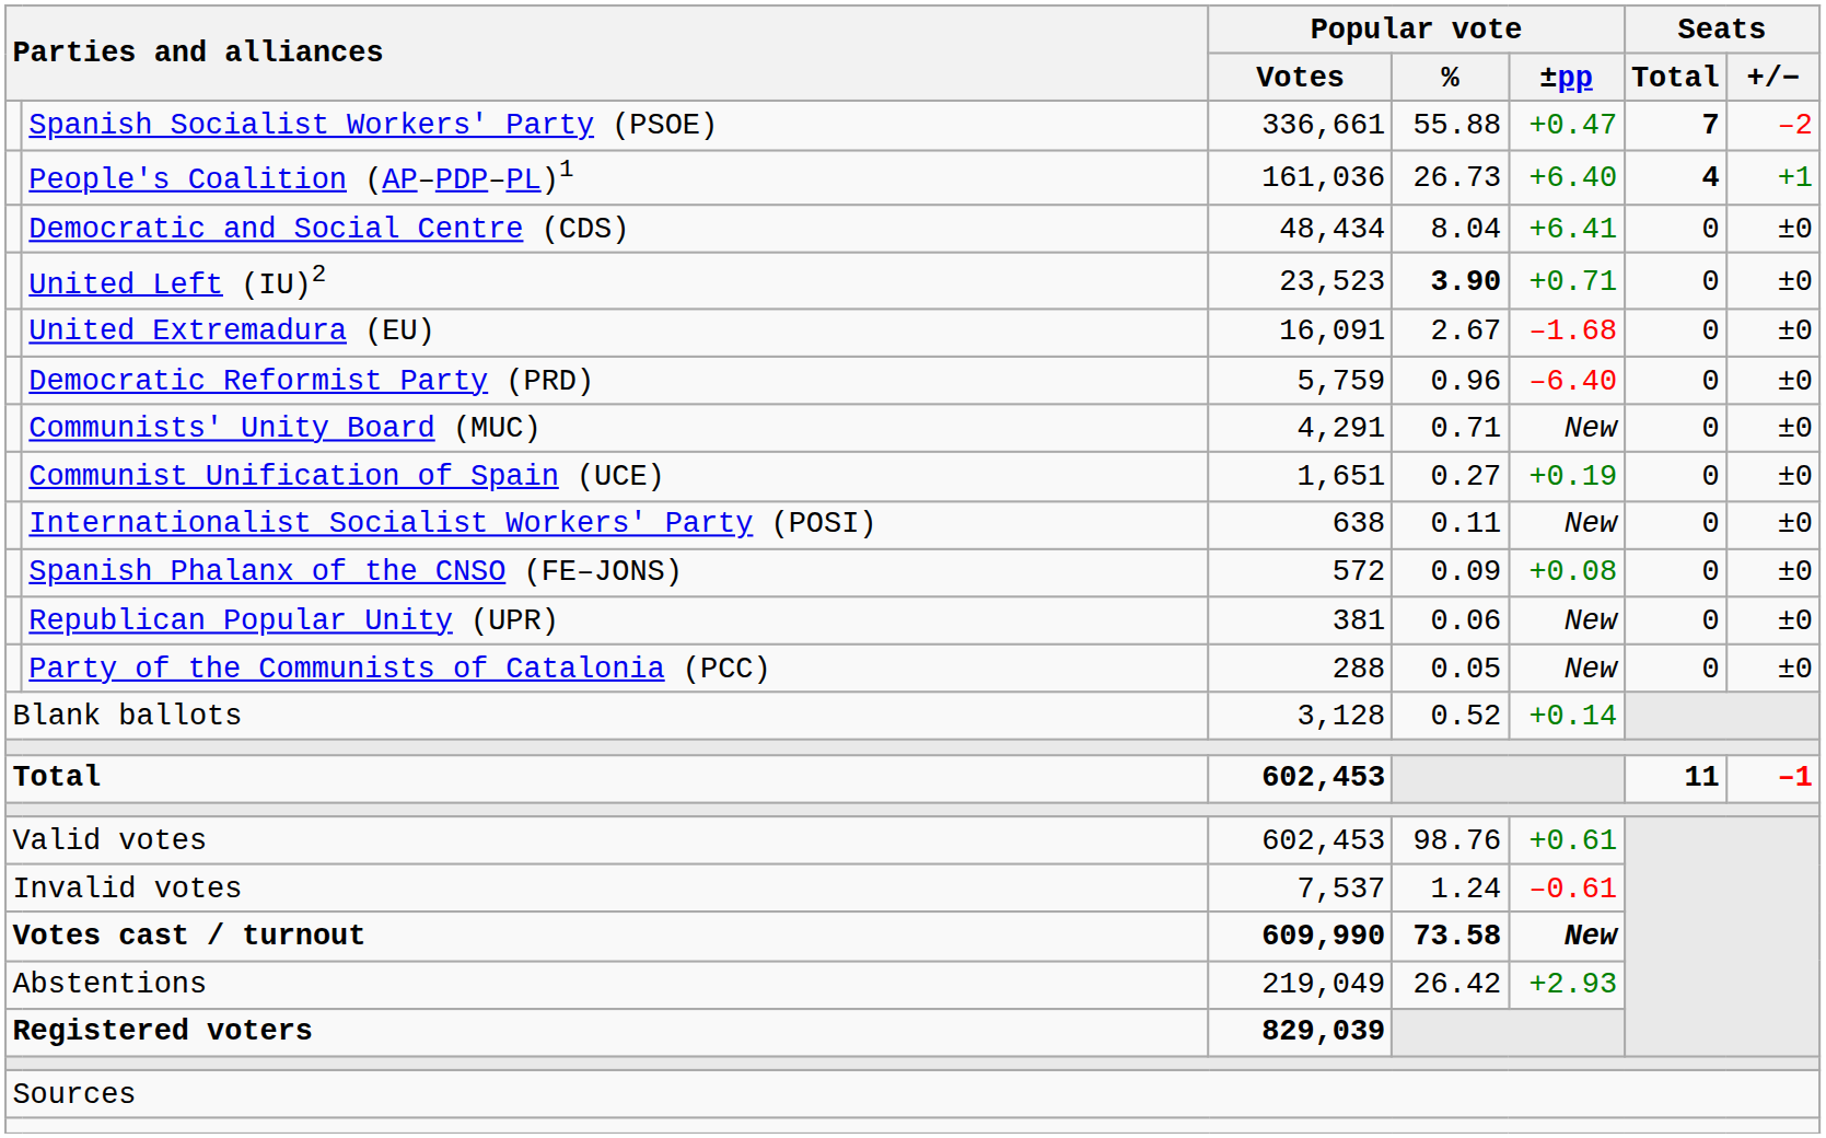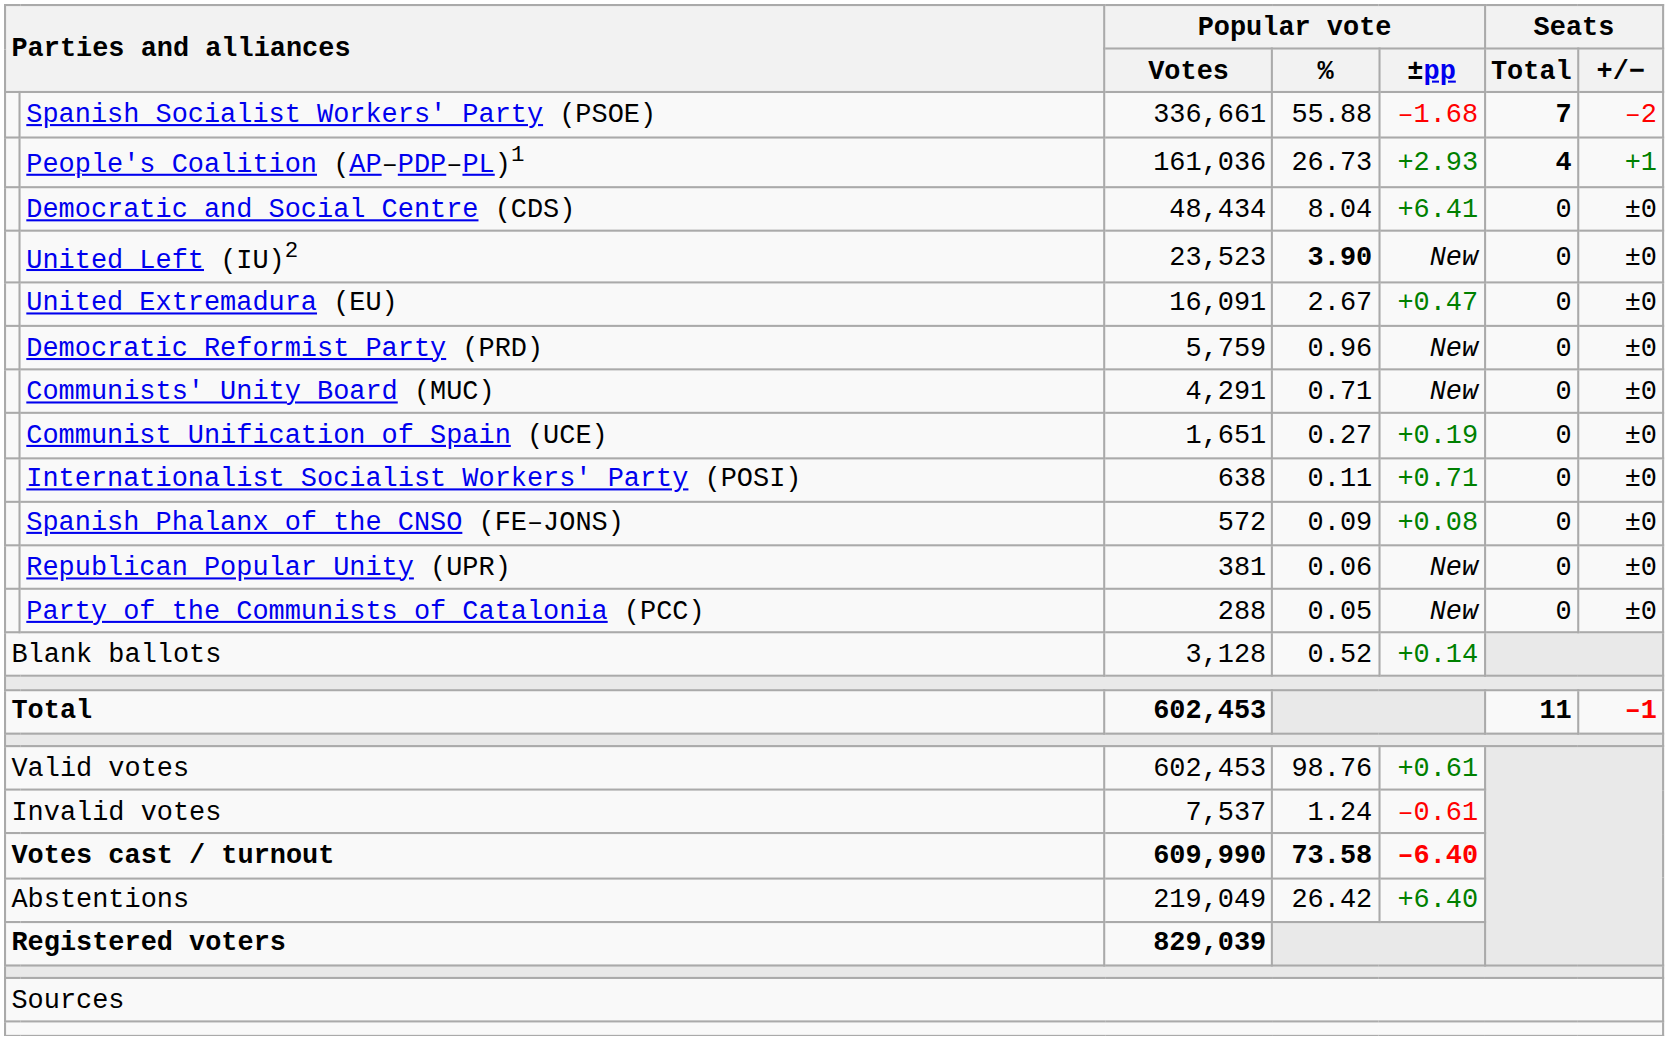 <table class="wikitable" style="text-align:right;">
 <tr>
 <th style="text-align:left;" rowspan="2" colspan="2" width="525">Parties and alliances</th>
 <th colspan="3">Popular vote</th>
 <th colspan="2">Seats</th>
 </tr>
 <tr>
 <th width="75">Votes</th>
 <th width="45">%</th>
 <th width="45">±<a href='#'>pp</a></th>
 <th width="35">Total</th>
 <th width="35">+/−</th>
 </tr>
 <tr>
 <td width="1" style="color:inherit;background:"></td>
 <td align="left"><a href='#'>Spanish Socialist Workers' Party</a> (PSOE)</td>
 <td>336,661</td>
 <td>55.88</td>
-<td style="color:green;">+0.47</td>
+<td style="color:red;">–1.68</td>
 <td><strong>7</strong></td>
 <td style="color:red;">–2</td>
 </tr>
 <tr>
 <td style="color:inherit;background:"></td>
 <td align="left"><a href='#'>People's Coalition</a> (<a href='#'>AP</a>–<a href='#'>PDP</a>–<a href='#'>PL</a>)<sup>1</sup></td>
 <td>161,036</td>
 <td>26.73</td>
-<td style="color:green;">+6.40</td>
+<td style="color:green;">+2.93</td>
 <td><strong>4</strong></td>
 <td style="color:green;">+1</td>
 </tr>
 <tr>
 <td style="color:inherit;background:"></td>
 <td align="left"><a href='#'>Democratic and Social Centre</a> (CDS)</td>
 <td>48,434</td>
 <td>8.04</td>
 <td style="color:green;">+6.41</td>
 <td>0</td>
 <td>±0</td>
 </tr>
 <tr>
 <td style="color:inherit;background:"></td>
 <td align="left"><a href='#'>United Left</a> (IU)<sup>2</sup></td>
 <td>23,523</td>
 <td><strong>3.90</strong></td>
-<td style="color:green;">+0.71</td>
+<td><em>New</em></td>
 <td>0</td>
 <td>±0</td>
 </tr>
 <tr>
 <td style="color:inherit;background:"></td>
 <td align="left"><a href='#'>United Extremadura</a> (EU)</td>
 <td>16,091</td>
 <td>2.67</td>
-<td style="color:red;">–1.68</td>
+<td style="color:green;">+0.47</td>
 <td>0</td>
 <td>±0</td>
 </tr>
 <tr>
 <td style="color:inherit;background:"></td>
 <td align="left"><a href='#'>Democratic Reformist Party</a> (PRD)</td>
 <td>5,759</td>
 <td>0.96</td>
-<td style="color:red;">–6.40</td>
+<td><em>New</em></td>
 <td>0</td>
 <td>±0</td>
 </tr>
 <tr>
 <td style="color:inherit;background:"></td>
 <td align="left"><a href='#'>Communists' Unity Board</a> (MUC)</td>
 <td>4,291</td>
 <td>0.71</td>
 <td><em>New</em></td>
 <td>0</td>
 <td>±0</td>
 </tr>
 <tr>
 <td style="color:inherit;background:"></td>
 <td align="left"><a href='#'>Communist Unification of Spain</a> (UCE)</td>
 <td>1,651</td>
 <td>0.27</td>
 <td style="color:green;">+0.19</td>
 <td>0</td>
 <td>±0</td>
 </tr>
 <tr>
 <td style="color:inherit;background:"></td>
 <td align="left"><a href='#'>Internationalist Socialist Workers' Party</a> (POSI)</td>
 <td>638</td>
 <td>0.11</td>
-<td><em>New</em></td>
+<td style="color:green;">+0.71</td>
 <td>0</td>
 <td>±0</td>
 </tr>
 <tr>
 <td style="color:inherit;background:"></td>
 <td align="left"><a href='#'>Spanish Phalanx of the CNSO</a> (FE–JONS)</td>
 <td>572</td>
 <td>0.09</td>
 <td style="color:green;">+0.08</td>
 <td>0</td>
 <td>±0</td>
 </tr>
 <tr>
 <td style="color:inherit;background:"></td>
 <td align="left"><a href='#'>Republican Popular Unity</a> (UPR)</td>
 <td>381</td>
 <td>0.06</td>
 <td><em>New</em></td>
 <td>0</td>
 <td>±0</td>
 </tr>
 <tr>
 <td style="color:inherit;background:"></td>
 <td align="left"><a href='#'>Party of the Communists of Catalonia</a> (PCC)</td>
 <td>288</td>
 <td>0.05</td>
 <td><em>New</em></td>
 <td>0</td>
 <td>±0</td>
 </tr>
 <tr>
 <td align="left" colspan="2">Blank ballots</td>
 <td>3,128</td>
 <td>0.52</td>
 <td style="color:green;">+0.14</td>
 <td bgcolor="#E9E9E9" colspan="2"></td>
 </tr>
 <tr>
 <td colspan="7" bgcolor="#E9E9E9"></td>
 </tr>
 <tr style="font-weight:bold;">
 <td align="left" colspan="2">Total</td>
 <td>602,453</td>
 <td bgcolor="#E9E9E9" colspan="2"></td>
 <td>11</td>
 <td style="color:red;">–1</td>
 </tr>
 <tr>
 <td colspan="7" bgcolor="#E9E9E9"></td>
 </tr>
 <tr>
 <td align="left" colspan="2">Valid votes</td>
 <td>602,453</td>
 <td>98.76</td>
 <td style="color:green;">+0.61</td>
 <td bgcolor="#E9E9E9" colspan="2" rowspan="5"></td>
 </tr>
 <tr>
 <td align="left" colspan="2">Invalid votes</td>
 <td>7,537</td>
 <td>1.24</td>
 <td style="color:red;">–0.61</td>
 </tr>
 <tr style="font-weight:bold;">
 <td align="left" colspan="2">Votes cast / turnout</td>
 <td>609,990</td>
 <td>73.58</td>
-<td><em>New</em></td>
+<td style="color:red;">–6.40</td>
 </tr>
 <tr>
 <td align="left" colspan="2">Abstentions</td>
 <td>219,049</td>
 <td>26.42</td>
-<td style="color:green;">+2.93</td>
+<td style="color:green;">+6.40</td>
 </tr>
 <tr style="font-weight:bold;">
 <td align="left" colspan="2">Registered voters</td>
 <td>829,039</td>
 <td bgcolor="#E9E9E9" colspan="2"></td>
 </tr>
 <tr>
 <td colspan="7" bgcolor="#E9E9E9"></td>
 </tr>
 <tr>
 <td align="left" colspan="7">Sources</td>
 </tr>
 <tr>
 <td colspan="7" style="text-align:left; max-width:790px;"></td>
 </tr>
 </table>
